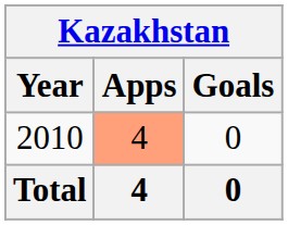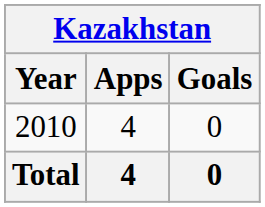 <table class="wikitable" style="text-align:center">
 <tr>
 <th colspan=3><a href='#'>Kazakhstan</a></th>
 </tr>
 <tr>
 <th>Year</th>
 <th>Apps</th>
 <th>Goals</th>
 </tr>
 <tr>
 <td>2010</td>
-<td style="background: lightsalmon;">4</td>
+<td>4</td>
 <td>0</td>
 </tr>
 <tr>
 <th>Total</th>
 <th>4</th>
 <th>0</th>
 </tr>
 </table>
